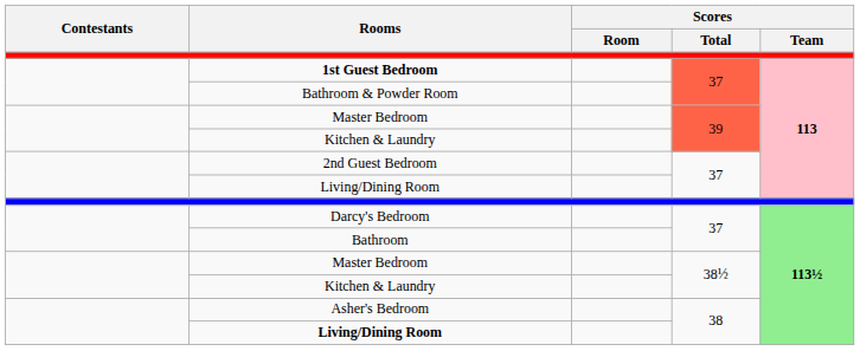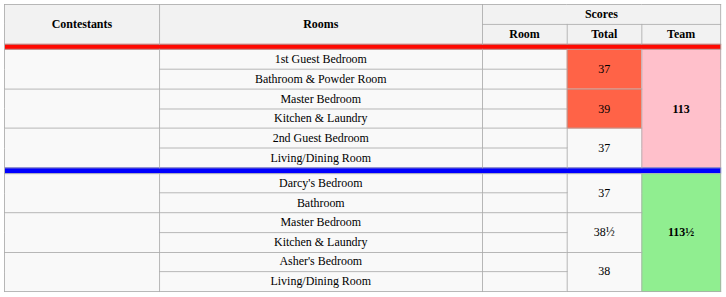 <table class="wikitable plainrowheaders" style="text-align:center; font-size:90%; width:60em;">
 <tr>
 <th rowspan="2">Contestants</th>
 <th rowspan="2">Rooms</th>
 <th colspan="3">Scores</th>
 </tr>
 <tr>
 <th>Room</th>
 <th>Total</th>
 <th>Team</th>
 </tr>
 <tr>
 <td colspan="6" style="background:#FF0800; color:white;"> </td>
 </tr>
 <tr>
 <td rowspan="2"></td>
-<td><strong>1st Guest Bedroom</strong></td>
+<td>1st Guest Bedroom</td>
 <td></td>
 <td style="background:tomato" rowspan="2">37</td>
 <th style="background:#FFC0CB" rowspan="6">113</th>
 </tr>
 <tr>
 <td>Bathroom & Powder Room</td>
 <td></td>
 </tr>
 <tr>
 <td rowspan="2"></td>
 <td>Master Bedroom</td>
 <td></td>
 <td style="background:tomato" rowspan="2">39</td>
 </tr>
 <tr>
 <td>Kitchen & Laundry</td>
 <td></td>
 </tr>
 <tr>
 <td rowspan="2"></td>
 <td>2nd Guest Bedroom</td>
 <td></td>
 <td rowspan="2">37</td>
 </tr>
 <tr>
 <td>Living/Dining Room</td>
 <td></td>
 </tr>
 <tr>
 <td colspan="6" style="background:blue; color:white;"> </td>
 </tr>
 <tr>
 <td rowspan="2"></td>
 <td>Darcy's Bedroom</td>
 <td></td>
 <td rowspan="2">37</td>
 <th style="background:#90EE90" rowspan="6">113½</th>
 </tr>
 <tr>
 <td>Bathroom</td>
 <td></td>
 </tr>
 <tr>
 <td rowspan="2"></td>
 <td>Master Bedroom</td>
 <td></td>
 <td rowspan="2">38½</td>
 </tr>
 <tr>
 <td>Kitchen & Laundry</td>
 <td></td>
 </tr>
 <tr>
 <td rowspan="2"></td>
 <td>Asher's Bedroom</td>
 <td></td>
 <td rowspan="2">38</td>
 </tr>
 <tr>
-<td><strong>Living/Dining Room</strong></td>
+<td>Living/Dining Room</td>
 <td></td>
 </tr>
 </table>
